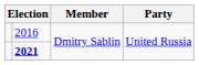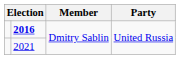 <table class="wikitable">
 <tr>
 <th colspan="2">Election</th>
 <th>Member</th>
 <th>Party</th>
 </tr>
 <tr>
 <td style="background-color:"></td>
-<td><a href='#'>2016</a></td>
+<td><strong><a href='#'>2016</a></strong></td>
 <td rowspan=2><a href='#'>Dmitry Sablin</a></td>
 <td rowspan=2><a href='#'>United Russia</a></td>
 </tr>
 <tr>
 <td style="background-color:"></td>
-<td><strong><a href='#'>2021</a></strong></td>
+<td><a href='#'>2021</a></td>
 </tr>
 </table>
